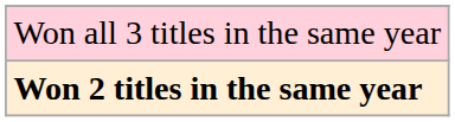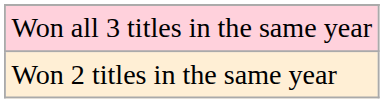 <table class="wikitable" style="font-size:95%;">
 <tr>
 </tr>
 <tr>
 <td bgcolor=FFD1DC>Won all 3 titles in the same year</td>
 </tr>
 <tr>
-<td bgcolor=FFEFD5><strong>Won 2 titles in the same year</strong></td>
+<td bgcolor=FFEFD5>Won 2 titles in the same year</td>
 </tr>
 </table>
